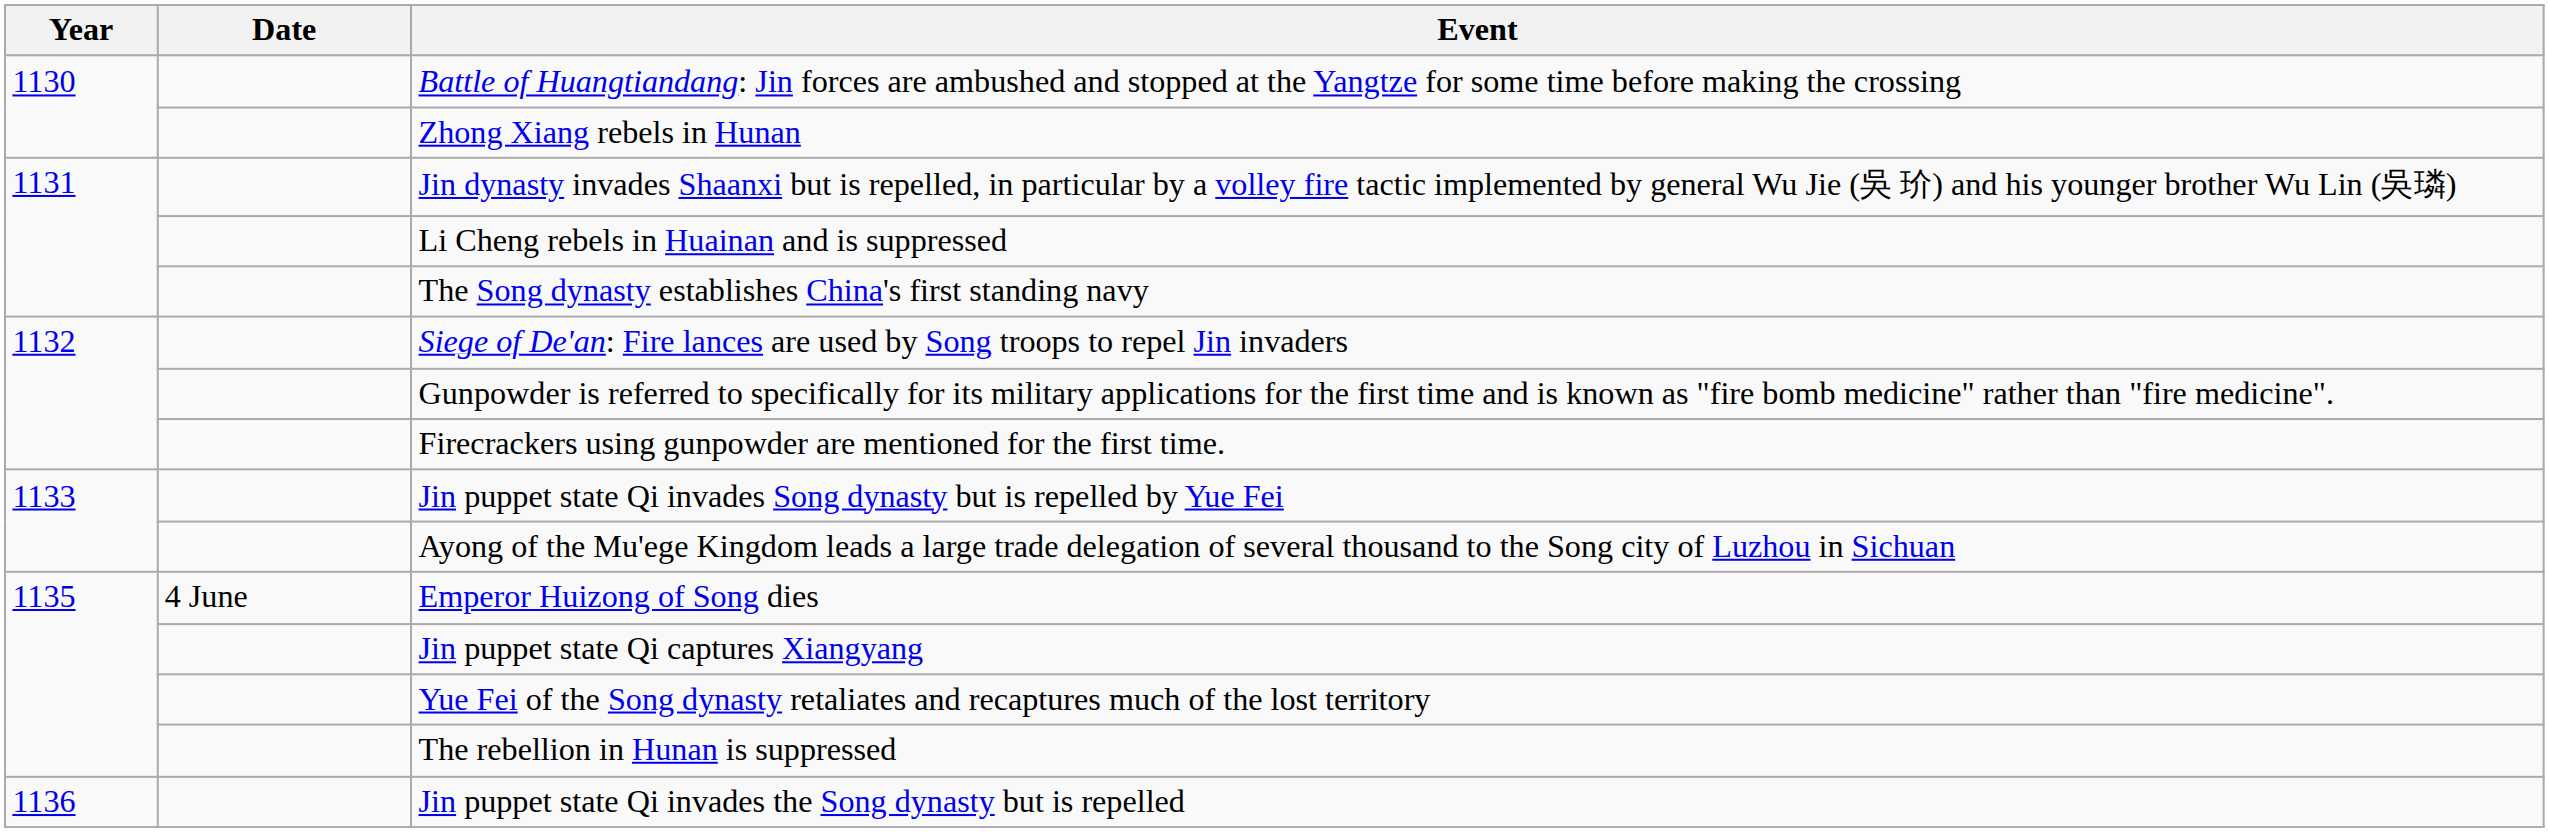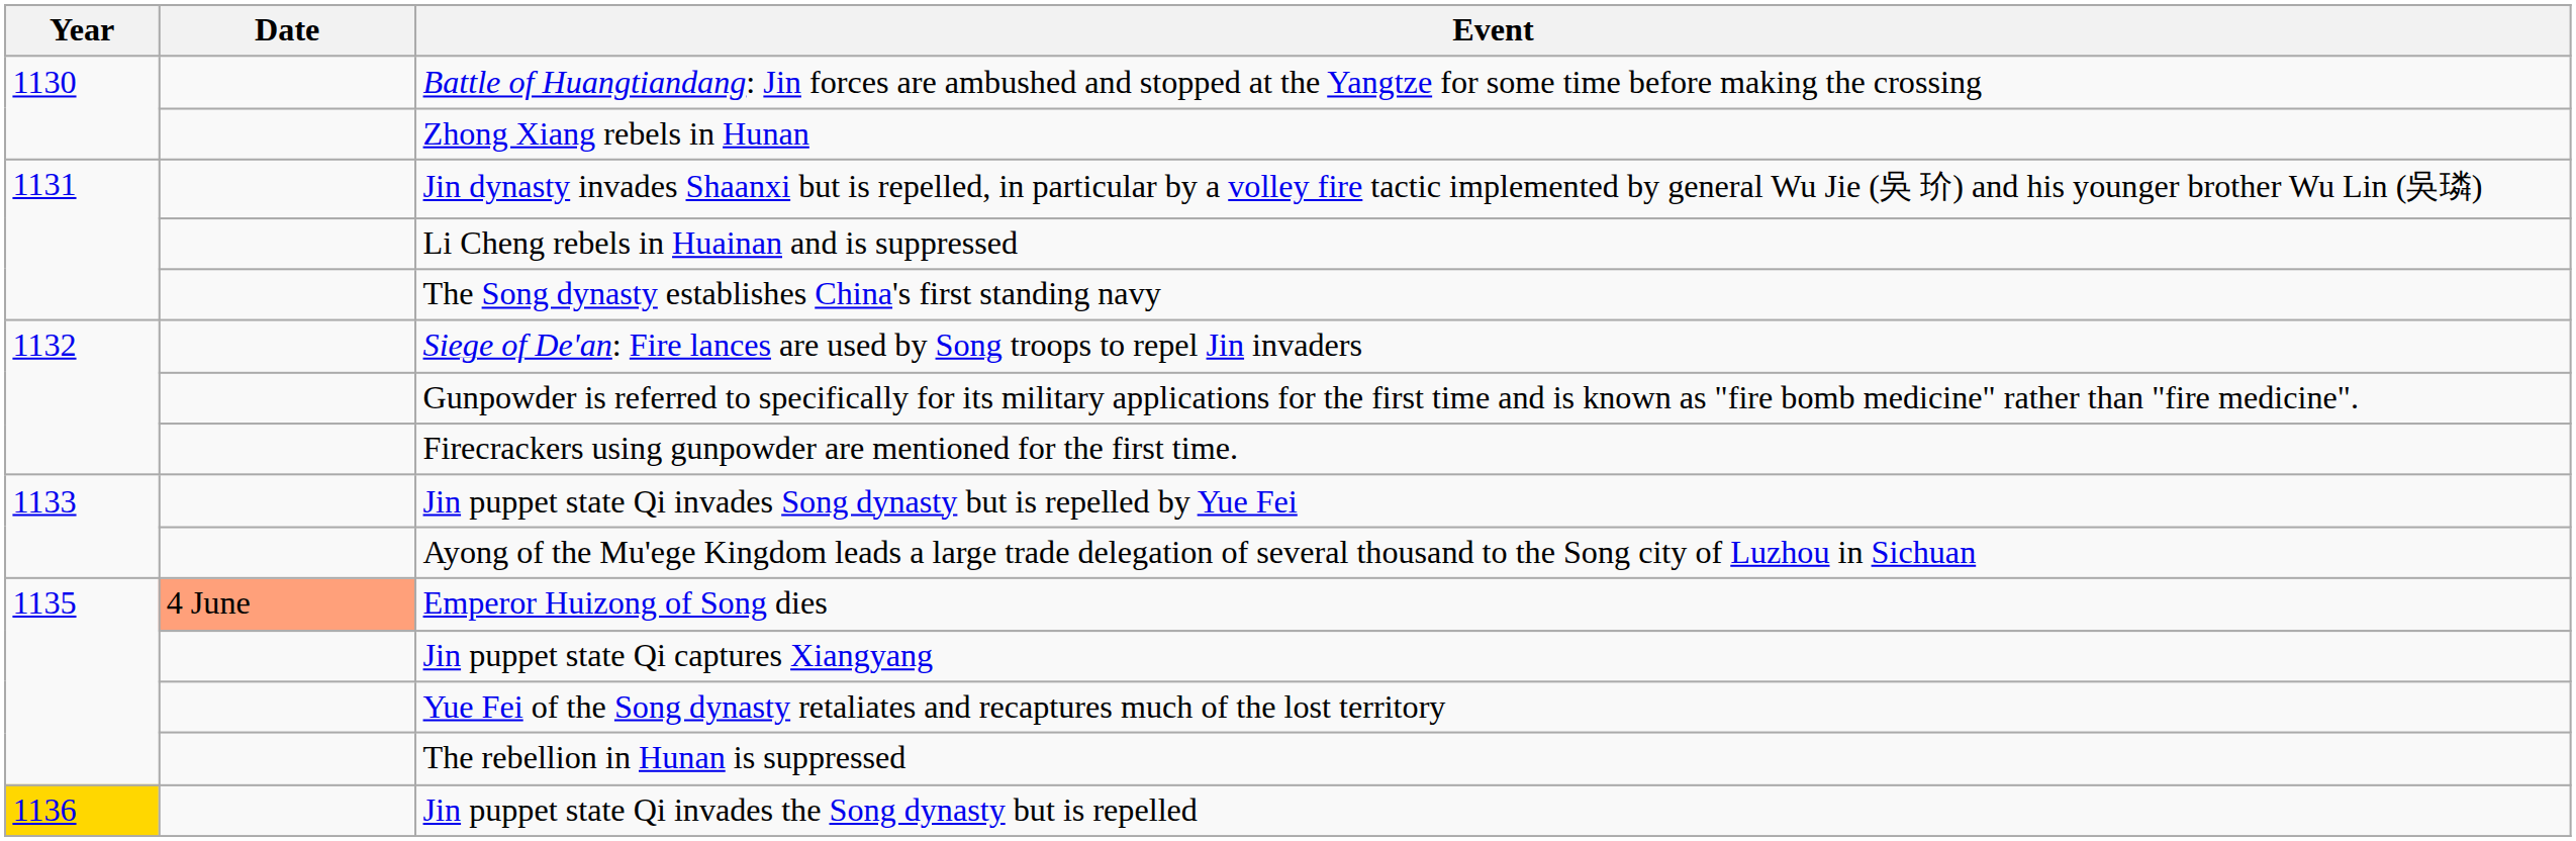 <table class="wikitable" width="100%">
 <tr>
 <th style="width:6%">Year</th>
 <th style="width:10%">Date</th>
 <th>Event</th>
 </tr>
 <tr>
 <td rowspan="2" valign="top"><a href='#'>1130</a></td>
 <td></td>
 <td><em><a href='#'>Battle of Huangtiandang</a></em>: <a href='#'>Jin</a> forces are ambushed and stopped at the <a href='#'>Yangtze</a> for some time before making the crossing</td>
 </tr>
 <tr>
 <td></td>
 <td><a href='#'>Zhong Xiang</a> rebels in <a href='#'>Hunan</a></td>
 </tr>
 <tr>
 <td rowspan="3" valign="top"><a href='#'>1131</a></td>
 <td></td>
 <td><a href='#'>Jin dynasty</a> invades <a href='#'>Shaanxi</a> but is repelled, in particular by a <a href='#'>volley fire</a> tactic implemented by general Wu Jie (吳 玠) and his younger brother Wu Lin (吳璘)</td>
 </tr>
 <tr>
 <td></td>
 <td>Li Cheng rebels in <a href='#'>Huainan</a> and is suppressed</td>
 </tr>
 <tr>
 <td></td>
 <td>The <a href='#'>Song dynasty</a> establishes <a href='#'>China</a>'s first standing navy</td>
 </tr>
 <tr>
 <td rowspan="3" valign="top"><a href='#'>1132</a></td>
 <td></td>
 <td><em><a href='#'>Siege of De'an</a></em>: <a href='#'>Fire lances</a> are used by <a href='#'>Song</a> troops to repel <a href='#'>Jin</a> invaders</td>
 </tr>
 <tr>
 <td></td>
 <td>Gunpowder is referred to specifically for its military applications for the first time and is known as "fire bomb medicine" rather than "fire medicine".</td>
 </tr>
 <tr>
 <td></td>
 <td>Firecrackers using gunpowder are mentioned for the first time.</td>
 </tr>
 <tr>
 <td rowspan="2" valign="top"><a href='#'>1133</a></td>
 <td></td>
 <td><a href='#'>Jin</a> puppet state Qi invades <a href='#'>Song dynasty</a> but is repelled by <a href='#'>Yue Fei</a></td>
 </tr>
 <tr>
 <td></td>
 <td>Ayong of the Mu'ege Kingdom leads a large trade delegation of several thousand to the Song city of <a href='#'>Luzhou</a> in <a href='#'>Sichuan</a></td>
 </tr>
 <tr>
 <td rowspan="4" valign="top"><a href='#'>1135</a></td>
-<td>4 June</td>
+<td style="background: lightsalmon;">4 June</td>
 <td><a href='#'>Emperor Huizong of Song</a> dies</td>
 </tr>
 <tr>
 <td></td>
 <td><a href='#'>Jin</a> puppet state Qi captures <a href='#'>Xiangyang</a></td>
 </tr>
 <tr>
 <td></td>
 <td><a href='#'>Yue Fei</a> of the <a href='#'>Song dynasty</a> retaliates and recaptures much of the lost territory</td>
 </tr>
 <tr>
 <td></td>
 <td>The rebellion in <a href='#'>Hunan</a> is suppressed</td>
 </tr>
 <tr>
-<td><a href='#'>1136</a></td>
+<td style="background: gold;"><a href='#'>1136</a></td>
 <td></td>
 <td><a href='#'>Jin</a> puppet state Qi invades the <a href='#'>Song dynasty</a> but is repelled</td>
 </tr>
 </table>
